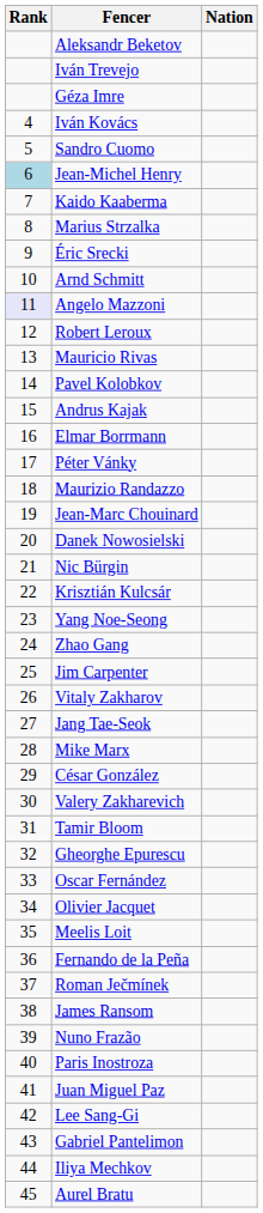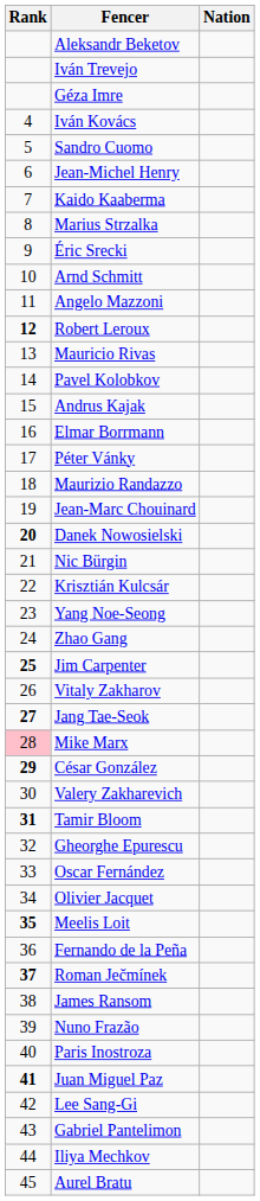 <table class="wikitable sortable" style="text-align: center;">
 <tr>
 <th>Rank</th>
 <th>Fencer</th>
 <th>Nation</th>
 </tr>
 <tr>
 <td></td>
 <td align=left><a href='#'>Aleksandr Beketov</a></td>
 <td align=left></td>
 </tr>
 <tr>
 <td></td>
 <td align=left><a href='#'>Iván Trevejo</a></td>
 <td align=left></td>
 </tr>
 <tr>
 <td></td>
 <td align=left><a href='#'>Géza Imre</a></td>
 <td align=left></td>
 </tr>
 <tr>
 <td>4</td>
 <td align=left><a href='#'>Iván Kovács</a></td>
 <td align=left></td>
 </tr>
 <tr>
 <td>5</td>
 <td align=left><a href='#'>Sandro Cuomo</a></td>
 <td align=left></td>
 </tr>
 <tr>
-<td style="background: lightblue;">6</td>
+<td>6</td>
 <td align=left><a href='#'>Jean-Michel Henry</a></td>
 <td align=left></td>
 </tr>
 <tr>
 <td>7</td>
 <td align=left><a href='#'>Kaido Kaaberma</a></td>
 <td align=left></td>
 </tr>
 <tr>
 <td>8</td>
 <td align=left><a href='#'>Marius Strzalka</a></td>
 <td align=left></td>
 </tr>
 <tr>
 <td>9</td>
 <td align=left><a href='#'>Éric Srecki</a></td>
 <td align=left></td>
 </tr>
 <tr>
 <td>10</td>
 <td align=left><a href='#'>Arnd Schmitt</a></td>
 <td align=left></td>
 </tr>
 <tr>
-<td style="background: lavender;">11</td>
+<td>11</td>
 <td align=left><a href='#'>Angelo Mazzoni</a></td>
 <td align=left></td>
 </tr>
 <tr>
-<td>12</td>
+<td><strong>12</strong></td>
 <td align=left><a href='#'>Robert Leroux</a></td>
 <td align=left></td>
 </tr>
 <tr>
 <td>13</td>
 <td align=left><a href='#'>Mauricio Rivas</a></td>
 <td align=left></td>
 </tr>
 <tr>
 <td>14</td>
 <td align=left><a href='#'>Pavel Kolobkov</a></td>
 <td align=left></td>
 </tr>
 <tr>
 <td>15</td>
 <td align=left><a href='#'>Andrus Kajak</a></td>
 <td align=left></td>
 </tr>
 <tr>
 <td>16</td>
 <td align=left><a href='#'>Elmar Borrmann</a></td>
 <td align=left></td>
 </tr>
 <tr>
 <td>17</td>
 <td align=left><a href='#'>Péter Vánky</a></td>
 <td align=left></td>
 </tr>
 <tr>
 <td>18</td>
 <td align=left><a href='#'>Maurizio Randazzo</a></td>
 <td align=left></td>
 </tr>
 <tr>
 <td>19</td>
 <td align=left><a href='#'>Jean-Marc Chouinard</a></td>
 <td align=left></td>
 </tr>
 <tr>
-<td>20</td>
+<td><strong>20</strong></td>
 <td align=left><a href='#'>Danek Nowosielski</a></td>
 <td align=left></td>
 </tr>
 <tr>
 <td>21</td>
 <td align=left><a href='#'>Nic Bürgin</a></td>
 <td align=left></td>
 </tr>
 <tr>
 <td>22</td>
 <td align=left><a href='#'>Krisztián Kulcsár</a></td>
 <td align=left></td>
 </tr>
 <tr>
 <td>23</td>
 <td align=left><a href='#'>Yang Noe-Seong</a></td>
 <td align=left></td>
 </tr>
 <tr>
 <td>24</td>
 <td align=left><a href='#'>Zhao Gang</a></td>
 <td align=left></td>
 </tr>
 <tr>
-<td>25</td>
+<td><strong>25</strong></td>
 <td align=left><a href='#'>Jim Carpenter</a></td>
 <td align=left></td>
 </tr>
 <tr>
 <td>26</td>
 <td align=left><a href='#'>Vitaly Zakharov</a></td>
 <td align=left></td>
 </tr>
 <tr>
-<td>27</td>
+<td><strong>27</strong></td>
 <td align=left><a href='#'>Jang Tae-Seok</a></td>
 <td align=left></td>
 </tr>
 <tr>
-<td>28</td>
+<td style="background: pink;">28</td>
 <td align=left><a href='#'>Mike Marx</a></td>
 <td align=left></td>
 </tr>
 <tr>
-<td>29</td>
+<td><strong>29</strong></td>
 <td align=left><a href='#'>César González</a></td>
 <td align=left></td>
 </tr>
 <tr>
 <td>30</td>
 <td align=left><a href='#'>Valery Zakharevich</a></td>
 <td align=left></td>
 </tr>
 <tr>
-<td>31</td>
+<td><strong>31</strong></td>
 <td align=left><a href='#'>Tamir Bloom</a></td>
 <td align=left></td>
 </tr>
 <tr>
 <td>32</td>
 <td align=left><a href='#'>Gheorghe Epurescu</a></td>
 <td align=left></td>
 </tr>
 <tr>
 <td>33</td>
 <td align=left><a href='#'>Oscar Fernández</a></td>
 <td align=left></td>
 </tr>
 <tr>
 <td>34</td>
 <td align=left><a href='#'>Olivier Jacquet</a></td>
 <td align=left></td>
 </tr>
 <tr>
-<td>35</td>
+<td><strong>35</strong></td>
 <td align=left><a href='#'>Meelis Loit</a></td>
 <td align=left></td>
 </tr>
 <tr>
 <td>36</td>
 <td align=left><a href='#'>Fernando de la Peña</a></td>
 <td align=left></td>
 </tr>
 <tr>
-<td>37</td>
+<td><strong>37</strong></td>
 <td align=left><a href='#'>Roman Ječmínek</a></td>
 <td align=left></td>
 </tr>
 <tr>
 <td>38</td>
 <td align=left><a href='#'>James Ransom</a></td>
 <td align=left></td>
 </tr>
 <tr>
 <td>39</td>
 <td align=left><a href='#'>Nuno Frazão</a></td>
 <td align=left></td>
 </tr>
 <tr>
 <td>40</td>
 <td align=left><a href='#'>Paris Inostroza</a></td>
 <td align=left></td>
 </tr>
 <tr>
-<td>41</td>
+<td><strong>41</strong></td>
 <td align=left><a href='#'>Juan Miguel Paz</a></td>
 <td align=left></td>
 </tr>
 <tr>
 <td>42</td>
 <td align=left><a href='#'>Lee Sang-Gi</a></td>
 <td align=left></td>
 </tr>
 <tr>
 <td>43</td>
 <td align=left><a href='#'>Gabriel Pantelimon</a></td>
 <td align=left></td>
 </tr>
 <tr>
 <td>44</td>
 <td align=left><a href='#'>Iliya Mechkov</a></td>
 <td align=left></td>
 </tr>
 <tr>
 <td>45</td>
 <td align=left><a href='#'>Aurel Bratu</a></td>
 <td align=left></td>
 </tr>
 </table>
